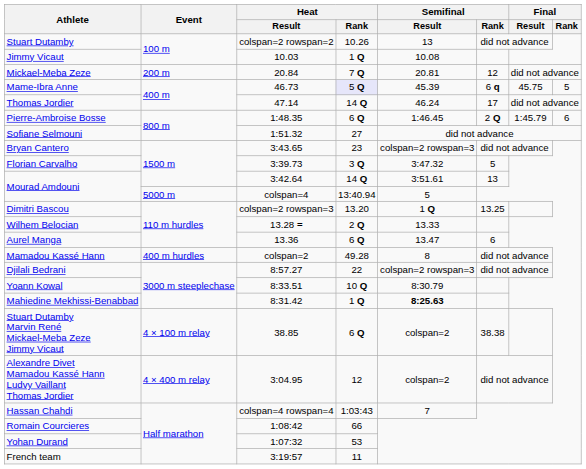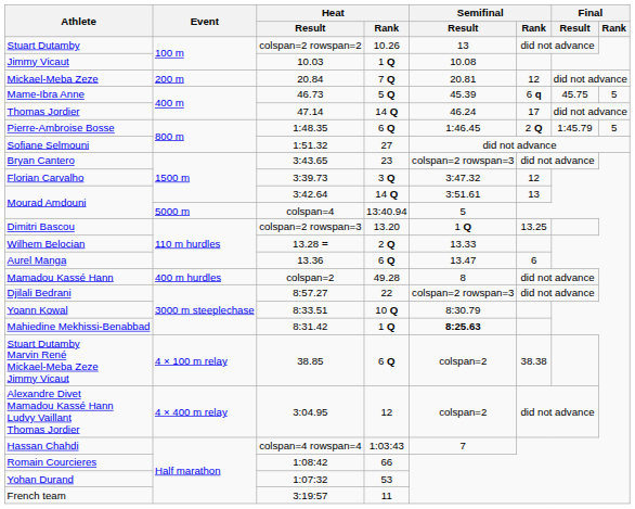 <table class="wikitable" style="font-size:90%">
 <tr>
 <th rowspan=2>Athlete</th>
 <th rowspan=2>Event</th>
 <th colspan=2>Heat</th>
 <th colspan=2>Semifinal</th>
 <th colspan=2>Final</th>
 </tr>
 <tr style="font-size:95%">
 <th>Result</th>
 <th>Rank</th>
 <th>Result</th>
 <th>Rank</th>
 <th>Result</th>
 <th>Rank</th>
 </tr>
 <tr align=center>
 <td align=left><a href='#'>Stuart Dutamby</a></td>
 <td style="text-align:left;" rowspan=2><a href='#'>100 m</a></td>
 <td>colspan=2 rowspan=2 </td>
 <td>10.26</td>
 <td>13</td>
 <td colspan=2>did not advance</td>
 </tr>
 <tr align=center>
 <td align=left><a href='#'>Jimmy Vicaut</a></td>
 <td>10.03</td>
 <td>1 <strong>Q</strong></td>
 <td>10.08</td>
 <td></td>
 </tr>
 <tr align=center>
 <td align=left><a href='#'>Mickael-Meba Zeze</a></td>
 <td style="text-align:left;"><a href='#'>200 m</a></td>
 <td>20.84</td>
 <td>7 <strong>Q</strong></td>
 <td>20.81</td>
 <td>12</td>
 <td colspan=2>did not advance</td>
 </tr>
 <tr align=center>
 <td align=left><a href='#'>Mame-Ibra Anne</a></td>
 <td style="text-align:left;" rowspan=2><a href='#'>400 m</a></td>
 <td>46.73</td>
-<td style="background: lavender;">5 <strong>Q</strong></td>
+<td>5 <strong>Q</strong></td>
 <td>45.39 <strong></strong></td>
 <td>6 <strong>q</strong></td>
 <td>45.75</td>
 <td>5</td>
 </tr>
 <tr align=center>
 <td align=left><a href='#'>Thomas Jordier</a></td>
 <td>47.14</td>
 <td>14 <strong>Q</strong></td>
 <td>46.24</td>
 <td>17</td>
 <td colspan=2>did not advance</td>
 </tr>
 <tr align=center>
 <td align=left><a href='#'>Pierre-Ambroise Bosse</a></td>
 <td style="text-align:left;" rowspan=2><a href='#'>800 m</a></td>
 <td>1:48.35</td>
 <td>6 <strong>Q</strong></td>
 <td>1:46.45</td>
 <td>2 <strong>Q</strong></td>
 <td>1:45.79</td>
-<td>6</td>
+<td>5</td>
 </tr>
 <tr align=center>
 <td align=left><a href='#'>Sofiane Selmouni</a></td>
 <td>1:51.32</td>
 <td>27</td>
 <td colspan=4>did not advance</td>
 </tr>
 <tr align=center>
 <td align=left><a href='#'>Bryan Cantero</a></td>
 <td style="text-align:left;" rowspan=3><a href='#'>1500 m</a></td>
 <td>3:43.65</td>
 <td>23</td>
 <td>colspan=2 rowspan=3 </td>
 <td colspan=2>did not advance</td>
 </tr>
 <tr align=center>
 <td align=left><a href='#'>Florian Carvalho</a></td>
 <td>3:39.73</td>
 <td>3 <strong>Q</strong></td>
 <td>3:47.32</td>
-<td>5</td>
+<td>12</td>
 </tr>
 <tr align=center>
 <td align=left rowspan=2><a href='#'>Mourad Amdouni</a></td>
 <td>3:42.64</td>
 <td>14 <strong>Q</strong></td>
 <td>3:51.61</td>
 <td>13</td>
 </tr>
 <tr align=center>
 <td style="text-align:left;"><a href='#'>5000 m</a></td>
 <td>colspan=4 </td>
 <td>13:40.94</td>
 <td>5</td>
 </tr>
 <tr align=center>
 <td align=left><a href='#'>Dimitri Bascou</a></td>
 <td style="text-align:left;" rowspan=3><a href='#'>110 m hurdles</a></td>
 <td>colspan=2 rowspan=3 </td>
 <td>13.20 <strong></strong></td>
 <td>1 <strong>Q</strong></td>
 <td>13.25</td>
 <td></td>
 </tr>
 <tr align=center>
 <td align=left><a href='#'>Wilhem Belocian</a></td>
 <td>13.28 <strong>=</strong></td>
 <td>2 <strong>Q</strong></td>
 <td>13.33</td>
 <td></td>
 </tr>
 <tr align=center>
 <td align=left><a href='#'>Aurel Manga</a></td>
 <td>13.36</td>
 <td>6 <strong>Q</strong></td>
 <td>13.47</td>
 <td>6</td>
 </tr>
 <tr align=center>
 <td align=left><a href='#'>Mamadou Kassé Hann</a></td>
 <td style="text-align:left;"><a href='#'>400 m hurdles</a></td>
 <td>colspan=2 </td>
 <td>49.28</td>
 <td>8</td>
 <td colspan=2>did not advance</td>
 </tr>
 <tr align=center>
 <td align=left><a href='#'>Djilali Bedrani</a></td>
 <td style="text-align:left;" rowspan=3><a href='#'>3000 m steeplechase</a></td>
 <td>8:57.27</td>
 <td>22</td>
 <td>colspan=2 rowspan=3 </td>
 <td colspan=2>did not advance</td>
 </tr>
 <tr align=center>
 <td align=left><a href='#'>Yoann Kowal</a></td>
 <td>8:33.51</td>
 <td>10 <strong>Q</strong></td>
 <td>8:30.79</td>
 <td></td>
 </tr>
 <tr align=center>
 <td align=left><a href='#'>Mahiedine Mekhissi-Benabbad</a></td>
 <td>8:31.42</td>
 <td>1 <strong>Q</strong></td>
 <td><strong>8:25.63</strong></td>
 <td></td>
 </tr>
 <tr align=center>
 <td align=left><a href='#'>Stuart Dutamby</a><br><a href='#'>Marvin René</a><br><a href='#'>Mickael-Meba Zeze</a><br><a href='#'>Jimmy Vicaut</a></td>
 <td style="text-align:left;"><a href='#'>4 × 100 m relay</a></td>
 <td>38.85 <strong></strong></td>
 <td>6 <strong>Q</strong></td>
 <td>colspan=2 </td>
 <td>38.38 <strong></strong></td>
 <td></td>
 </tr>
 <tr align=center>
 <td align=left><a href='#'>Alexandre Divet</a><br><a href='#'>Mamadou Kassé Hann</a><br><a href='#'>Ludvy Vaillant</a><br><a href='#'>Thomas Jordier</a></td>
 <td style="text-align:left;"><a href='#'>4 × 400 m relay</a></td>
 <td>3:04.95</td>
 <td>12</td>
 <td>colspan=2 </td>
 <td colspan=2>did not advance</td>
 </tr>
 <tr align=center>
 <td align=left><a href='#'>Hassan Chahdi</a></td>
 <td style="text-align:left;" rowspan=4><a href='#'>Half marathon</a></td>
 <td>colspan=4 rowspan=4 </td>
 <td>1:03:43</td>
 <td>7</td>
 </tr>
 <tr align=center>
 <td align=left><a href='#'>Romain Courcieres</a></td>
 <td>1:08:42</td>
 <td>66</td>
 </tr>
 <tr align=center>
 <td align=left><a href='#'>Yohan Durand</a></td>
 <td>1:07:32</td>
 <td>53</td>
 </tr>
 <tr align=center>
 <td align=left>French team</td>
 <td>3:19:57</td>
 <td>11</td>
 </tr>
 </table>
